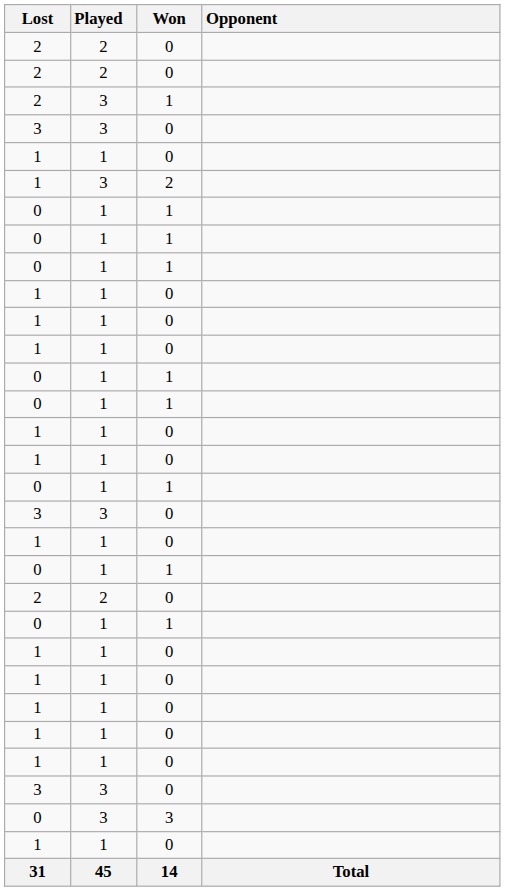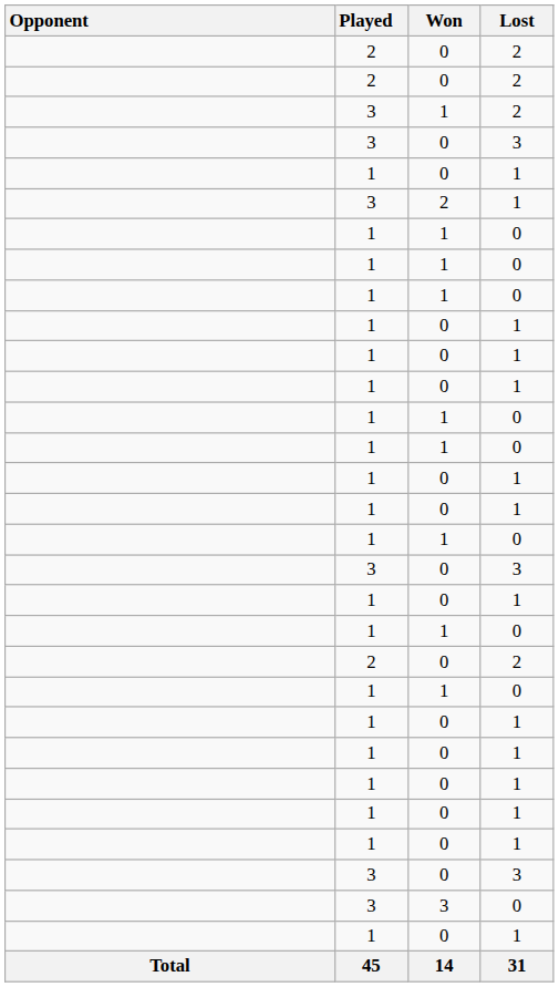 <table class="wikitable sortable" style="text-align: center;font-size:90%;">
 <tr>
-<th style="width:50px;">Lost</th>
+<th style="width:250px; text-align:left;">Opponent</th>
 <th style="width:50px; text-align:left;">Played</th>
 <th style="width:50px;">Won</th>
-<th style="width:250px; text-align:left;">Opponent</th>
+<th style="width:50px;">Lost</th>
 </tr>
 <tr>
-<td>2</td>
+<td align="left"></td>
 <td>2</td>
 <td>0</td>
-<td align="left"></td>
+<td>2</td>
 </tr>
 <tr>
-<td>2</td>
+<td align="left"></td>
 <td>2</td>
 <td>0</td>
-<td align="left"></td>
+<td>2</td>
 </tr>
 <tr>
-<td>2</td>
+<td align="left"></td>
 <td>3</td>
 <td>1</td>
-<td align="left"></td>
+<td>2</td>
 </tr>
 <tr>
+<td align="left"></td>
+<td>3</td>
+<td>0</td>
+<td>3</td>
+</tr>
+<tr>
+<td align="left"></td>
+<td>1</td>
+<td>0</td>
+<td>1</td>
+</tr>
+<tr>
+<td align="left"></td>
+<td>3</td>
+<td>2</td>
+<td>1</td>
+</tr>
+<tr>
+<td align="left"></td>
+<td>1</td>
+<td>1</td>
+<td>0</td>
+</tr>
+<tr>
+<td align="left"></td>
+<td>1</td>
+<td>1</td>
+<td>0</td>
+</tr>
+<tr>
+<td align="left"></td>
+<td>1</td>
+<td>1</td>
+<td>0</td>
+</tr>
+<tr>
+<td align="left"></td>
+<td>1</td>
+<td>0</td>
+<td>1</td>
+</tr>
+<tr>
+<td align="left"></td>
+<td>1</td>
+<td>0</td>
+<td>1</td>
+</tr>
+<tr>
+<td align="left"></td>
+<td>1</td>
+<td>0</td>
+<td>1</td>
+</tr>
+<tr>
+<td align="left"></td>
+<td>1</td>
+<td>1</td>
+<td>0</td>
+</tr>
+<tr>
+<td align="left"></td>
+<td>1</td>
+<td>1</td>
+<td>0</td>
+</tr>
+<tr>
+<td align="left"></td>
+<td>1</td>
+<td>0</td>
+<td>1</td>
+</tr>
+<tr>
+<td align="left"></td>
+<td>1</td>
+<td>0</td>
+<td>1</td>
+</tr>
+<tr>
+<td align="left"></td>
+<td>1</td>
+<td>1</td>
+<td>0</td>
+</tr>
+<tr>
+<td align="left"></td>
+<td>3</td>
+<td>0</td>
+<td>3</td>
+</tr>
+<tr>
+<td align="left"></td>
+<td>1</td>
+<td>0</td>
+<td>1</td>
+</tr>
+<tr>
+<td align="left"></td>
+<td>1</td>
+<td>1</td>
+<td>0</td>
+</tr>
+<tr>
+<td align="left"></td>
+<td>2</td>
+<td>0</td>
+<td>2</td>
+</tr>
+<tr>
+<td align="left"></td>
+<td>1</td>
+<td>1</td>
+<td>0</td>
+</tr>
+<tr>
+<td align="left"></td>
+<td>1</td>
+<td>0</td>
+<td>1</td>
+</tr>
+<tr>
+<td align="left"></td>
+<td>1</td>
+<td>0</td>
+<td>1</td>
+</tr>
+<tr>
+<td align="left"></td>
+<td>1</td>
+<td>0</td>
+<td>1</td>
+</tr>
+<tr>
+<td align="left"></td>
+<td>1</td>
+<td>0</td>
+<td>1</td>
+</tr>
+<tr>
+<td align="left"></td>
+<td>1</td>
+<td>0</td>
+<td>1</td>
+</tr>
+<tr>
+<td align="left"></td>
+<td>3</td>
+<td>0</td>
+<td>3</td>
+</tr>
+<tr>
+<td align="left"></td>
 <td>3</td>
 <td>3</td>
 <td>0</td>
-<td align="left"></td>
 </tr>
 <tr>
-<td>1</td>
+<td align="left"></td>
 <td>1</td>
 <td>0</td>
-<td align="left"></td>
+<td>1</td>
 </tr>
 <tr>
-<td>1</td>
-<td>3</td>
-<td>2</td>
-<td align="left"></td>
-</tr>
-<tr>
-<td>0</td>
-<td>1</td>
-<td>1</td>
-<td align="left"></td>
-</tr>
-<tr>
-<td>0</td>
-<td>1</td>
-<td>1</td>
-<td align="left"></td>
-</tr>
-<tr>
-<td>0</td>
-<td>1</td>
-<td>1</td>
-<td align="left"></td>
-</tr>
-<tr>
-<td>1</td>
-<td>1</td>
-<td>0</td>
-<td align="left"></td>
-</tr>
-<tr>
-<td>1</td>
-<td>1</td>
-<td>0</td>
-<td align="left"></td>
-</tr>
-<tr>
-<td>1</td>
-<td>1</td>
-<td>0</td>
-<td align="left"></td>
-</tr>
-<tr>
-<td>0</td>
-<td>1</td>
-<td>1</td>
-<td align="left"></td>
-</tr>
-<tr>
-<td>0</td>
-<td>1</td>
-<td>1</td>
-<td align="left"></td>
-</tr>
-<tr>
-<td>1</td>
-<td>1</td>
-<td>0</td>
-<td align="left"></td>
-</tr>
-<tr>
-<td>1</td>
-<td>1</td>
-<td>0</td>
-<td align="left"></td>
-</tr>
-<tr>
-<td>0</td>
-<td>1</td>
-<td>1</td>
-<td align="left"></td>
-</tr>
-<tr>
-<td>3</td>
-<td>3</td>
-<td>0</td>
-<td align="left"></td>
-</tr>
-<tr>
-<td>1</td>
-<td>1</td>
-<td>0</td>
-<td align="left"></td>
-</tr>
-<tr>
-<td>0</td>
-<td>1</td>
-<td>1</td>
-<td align="left"></td>
-</tr>
-<tr>
-<td>2</td>
-<td>2</td>
-<td>0</td>
-<td align="left"></td>
-</tr>
-<tr>
-<td>0</td>
-<td>1</td>
-<td>1</td>
-<td align="left"></td>
-</tr>
-<tr>
-<td>1</td>
-<td>1</td>
-<td>0</td>
-<td align="left"></td>
-</tr>
-<tr>
-<td>1</td>
-<td>1</td>
-<td>0</td>
-<td align="left"></td>
-</tr>
-<tr>
-<td>1</td>
-<td>1</td>
-<td>0</td>
-<td align="left"></td>
-</tr>
-<tr>
-<td>1</td>
-<td>1</td>
-<td>0</td>
-<td align="left"></td>
-</tr>
-<tr>
-<td>1</td>
-<td>1</td>
-<td>0</td>
-<td align="left"></td>
-</tr>
-<tr>
-<td>3</td>
-<td>3</td>
-<td>0</td>
-<td align="left"></td>
-</tr>
-<tr>
-<td>0</td>
-<td>3</td>
-<td>3</td>
-<td align="left"></td>
-</tr>
-<tr>
-<td>1</td>
-<td>1</td>
-<td>0</td>
-<td align="left"></td>
-</tr>
-<tr>
-<th>31</th>
+<th>Total</th>
 <th>45</th>
 <th>14</th>
-<th>Total</th>
+<th>31</th>
 </tr>
 </table>
